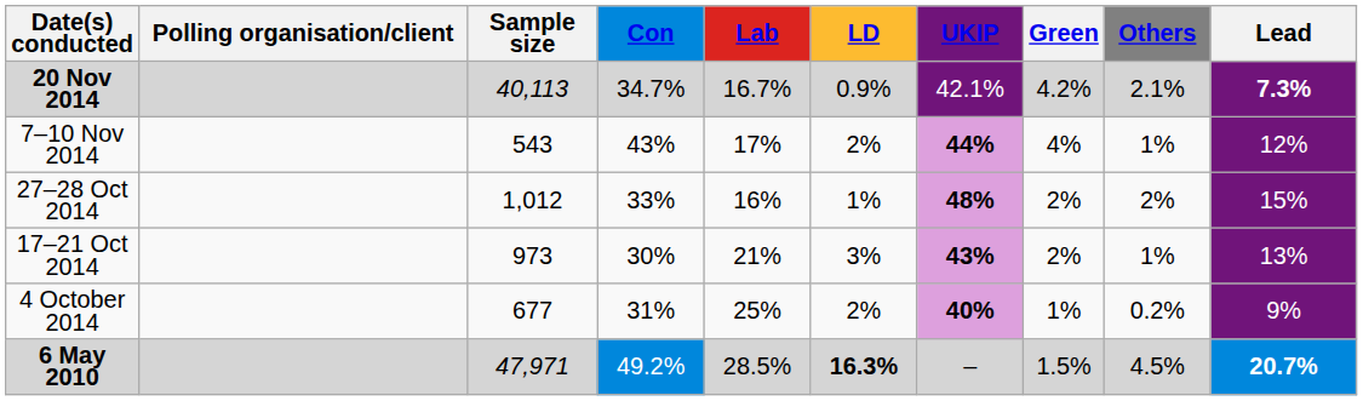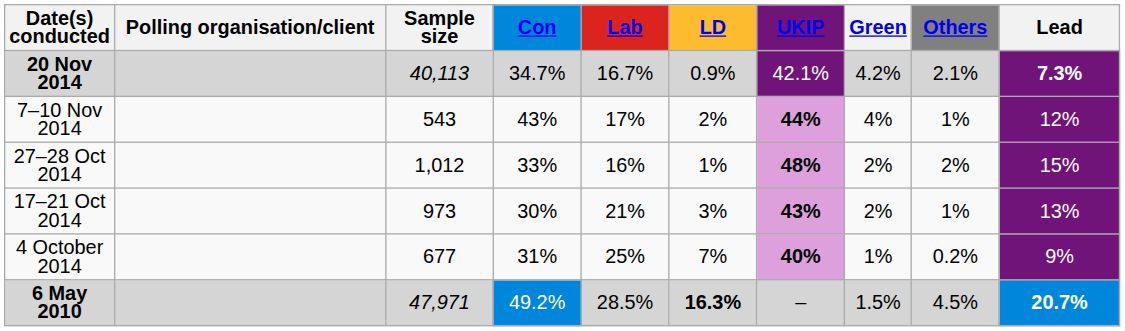 <table class="wikitable sortable" style="text-align:center;font-size:95%;line-height:14px">
 <tr>
 <th ! style="width:75px;">Date(s)<br>conducted</th>
 <th style="width:200px;">Polling organisation/client</th>
 <th class="unsortable" style="width:75px;">Sample size</th>
 <th class="unsortable"  style="background:#0087dc; width:60px;"><a href='#'><span>Con</span></a></th>
 <th class="unsortable"  style="background:#dc241f; width:60px;"><a href='#'><span>Lab</span></a></th>
 <th class="unsortable"  style="background:#fdbb30; width:60px;"><a href='#'><span>LD</span></a></th>
 <th class="unsortable"  style="background:#70147a; width:60px;"><a href='#'><span>UKIP</span></a></th>
 <th class="unsortable" style="background:"><a href='#'><span>Green</span></a></th>
 <th class="unsortable"  style="background:gray; width:60px;"><a href='#'><span>Others</span></a></th>
 <th class="unsortable" style="width:85px;">Lead</th>
 </tr>
 <tr>
 <td style="background:#D5D5D5"><strong>20 Nov 2014</strong></td>
 <td style="background:#D5D5D5"></td>
 <td style="background:#D5D5D5"><em>40,113</em></td>
 <td style="background:#D5D5D5">34.7%</td>
 <td style="background:#D5D5D5">16.7%</td>
 <td style="background:#D5D5D5">0.9%</td>
 <td style="background:#70147a; color:white;">42.1%</td>
 <td style="background:#D5D5D5">4.2%</td>
 <td style="background:#D5D5D5">2.1%</td>
 <td style="background:#70147a; color:white;"><strong>7.3% </strong></td>
 </tr>
 <tr>
 <td>7–10 Nov 2014</td>
 <td></td>
 <td>543</td>
 <td>43%</td>
 <td>17%</td>
 <td>2%</td>
 <td style="background:plum"><strong>44%</strong></td>
 <td>4%</td>
 <td>1%</td>
 <td style="background:#70147a; color:white;">12%</td>
 </tr>
 <tr>
 <td>27–28 Oct 2014</td>
 <td></td>
 <td>1,012</td>
 <td>33%</td>
 <td>16%</td>
 <td>1%</td>
 <td style="background:plum"><strong>48%</strong></td>
 <td>2%</td>
 <td>2%</td>
 <td style="background:#70147a; color:white;">15%</td>
 </tr>
 <tr>
 <td>17–21 Oct 2014</td>
 <td></td>
 <td>973</td>
 <td>30%</td>
 <td>21%</td>
 <td>3%</td>
 <td style="background:plum"><strong>43%</strong></td>
 <td>2%</td>
 <td>1%</td>
 <td style="background:#70147a; color:white;">13%</td>
 </tr>
 <tr>
 <td>4 October 2014</td>
 <td></td>
 <td>677</td>
 <td>31%</td>
 <td>25%</td>
-<td>2%</td>
+<td>7%</td>
 <td style="background:plum"><strong>40%</strong></td>
 <td>1%</td>
 <td>0.2%</td>
 <td style="background:#70147a; color:white;">9%</td>
 </tr>
 <tr>
 <td style="background:#D5D5D5"><strong>6 May 2010</strong></td>
 <td style="background:#D5D5D5"></td>
 <td style="background:#D5D5D5"><em>47,971</em></td>
 <td style="background:#0087dc; color:white;">49.2%</td>
 <td style="background:#D5D5D5">28.5%</td>
 <td style="background:#D5D5D5"><strong>16.3%</strong></td>
 <td style="background:#D5D5D5">–</td>
 <td style="background:#D5D5D5">1.5%</td>
 <td style="background:#D5D5D5">4.5%</td>
 <td style="background:#0087DC; color:white;"><strong>20.7%</strong></td>
 </tr>
 </table>
